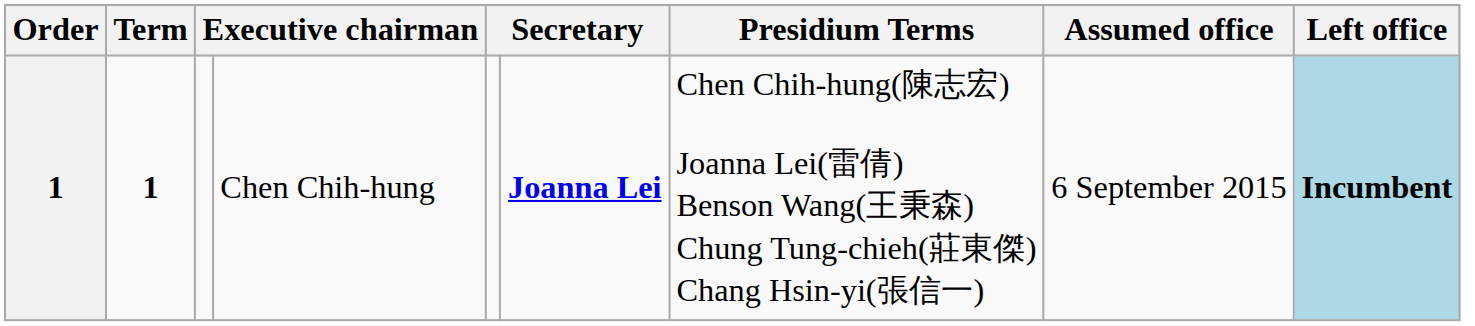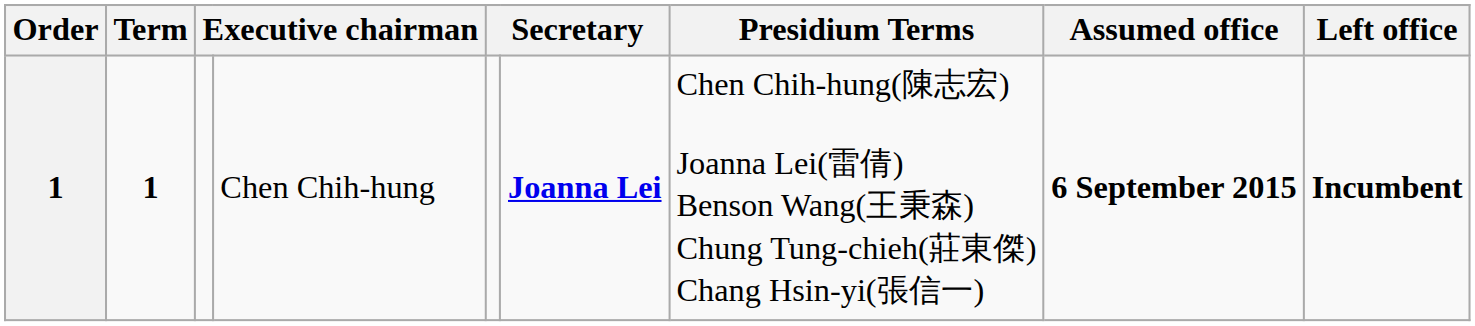 <table class="wikitable">
 <tr>
 <th>Order</th>
 <th>Term</th>
 <th colspan="2">Executive chairman</th>
 <th colspan="2">Secretary</th>
 <th>Presidium Terms</th>
 <th>Assumed office</th>
 <th>Left office</th>
 </tr>
 <tr>
 <th>1</th>
 <td align="center"><strong>1</strong></td>
 <td></td>
 <td>Chen Chih-hung</td>
 <td></td>
 <td><strong><a href='#'>Joanna Lei</a></strong></td>
 <td>Chen Chih-hung(陳志宏)<br><br>Joanna Lei(雷倩)<br> Benson Wang(王秉森)<br> Chung Tung-chieh(莊東傑)<br> Chang Hsin-yi(張信一)</td>
-<td>6 September 2015</td>
-<td style="background: lightblue;"><strong>Incumbent</strong></td>
+<td><strong>6 September 2015</strong></td>
+<td><strong>Incumbent</strong></td>
 </tr>
 </table>
